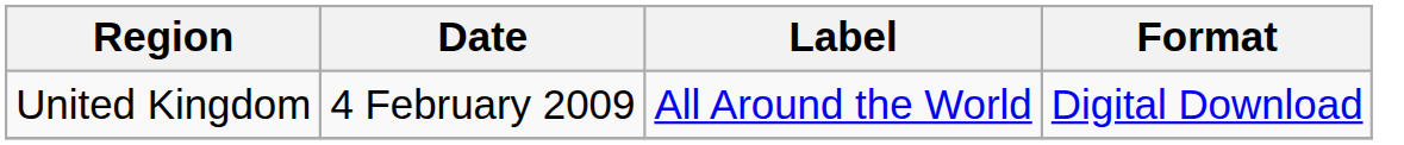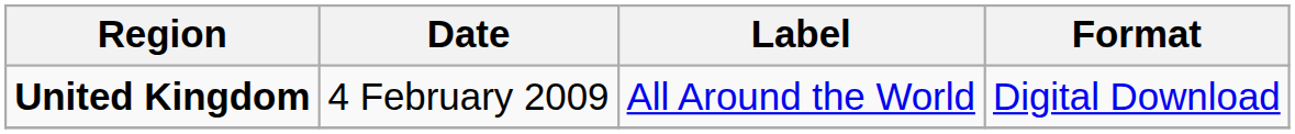 <table class=wikitable>
 <tr>
 <th>Region</th>
 <th>Date</th>
 <th>Label</th>
 <th>Format</th>
 </tr>
 <tr>
-<td>United Kingdom</td>
+<td><strong>United Kingdom</strong></td>
 <td>4 February 2009</td>
 <td><a href='#'>All Around the World</a></td>
 <td><a href='#'>Digital Download</a></td>
 </tr>
 <tr>
 </tr>
 </table>
